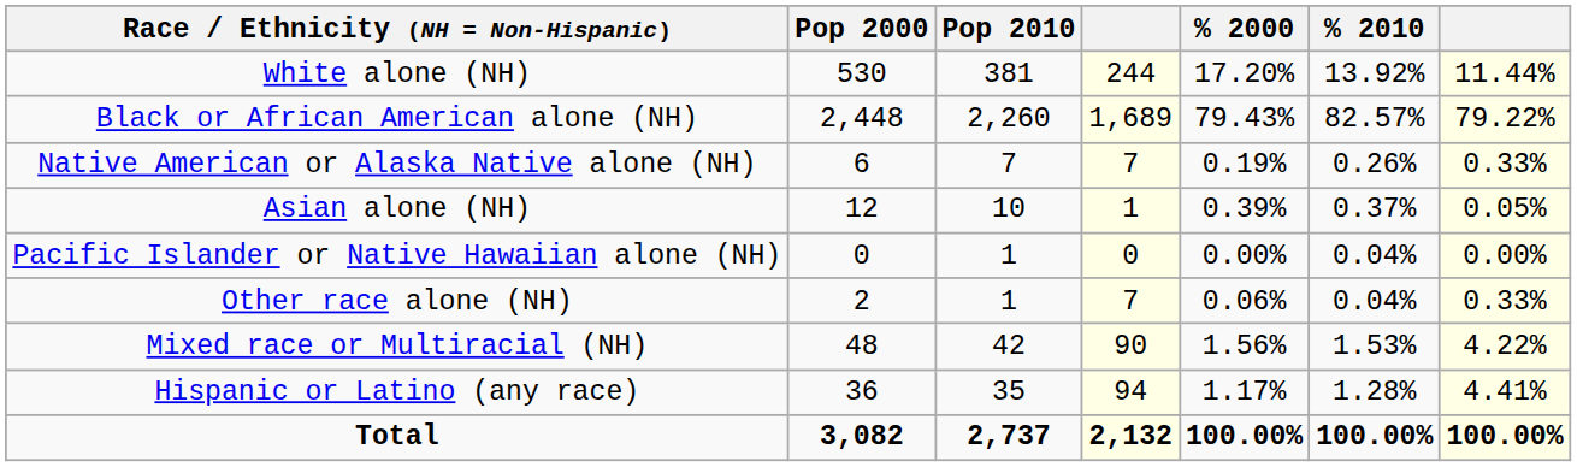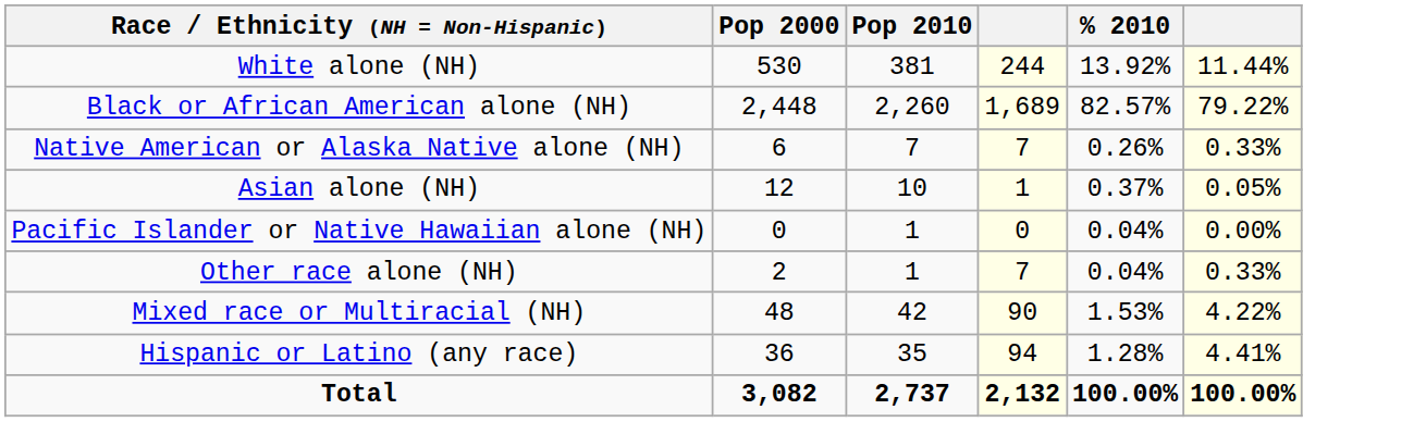 <table class="wikitable" style="text-align:center;">
 <tr>
 <th>Race / Ethnicity <small>(<em>NH = Non-Hispanic</em>)</small></th>
 <th>Pop 2000</th>
 <th>Pop 2010</th>
 <th></th>
-<th>% 2000</th>
 <th>% 2010</th>
 <th></th>
 </tr>
 <tr>
 <td><a href='#'>White</a> alone (NH)</td>
 <td>530</td>
 <td>381</td>
 <td style='background: #ffffe6;'>244</td>
-<td>17.20%</td>
 <td>13.92%</td>
 <td style='background: #ffffe6;'>11.44%</td>
 </tr>
 <tr>
 <td><a href='#'>Black or African American</a> alone (NH)</td>
 <td>2,448</td>
 <td>2,260</td>
 <td style='background: #ffffe6;'>1,689</td>
-<td>79.43%</td>
 <td>82.57%</td>
 <td style='background: #ffffe6;'>79.22%</td>
 </tr>
 <tr>
 <td><a href='#'>Native American</a> or <a href='#'>Alaska Native</a> alone (NH)</td>
 <td>6</td>
 <td>7</td>
 <td style='background: #ffffe6;'>7</td>
-<td>0.19%</td>
 <td>0.26%</td>
 <td style='background: #ffffe6;'>0.33%</td>
 </tr>
 <tr>
 <td><a href='#'>Asian</a> alone (NH)</td>
 <td>12</td>
 <td>10</td>
 <td style='background: #ffffe6;'>1</td>
-<td>0.39%</td>
 <td>0.37%</td>
 <td style='background: #ffffe6;'>0.05%</td>
 </tr>
 <tr>
 <td><a href='#'>Pacific Islander</a> or <a href='#'>Native Hawaiian</a> alone (NH)</td>
 <td>0</td>
 <td>1</td>
 <td style='background: #ffffe6;'>0</td>
-<td>0.00%</td>
 <td>0.04%</td>
 <td style='background: #ffffe6;'>0.00%</td>
 </tr>
 <tr>
 <td><a href='#'>Other race</a> alone (NH)</td>
 <td>2</td>
 <td>1</td>
 <td style='background: #ffffe6;'>7</td>
-<td>0.06%</td>
 <td>0.04%</td>
 <td style='background: #ffffe6;'>0.33%</td>
 </tr>
 <tr>
 <td><a href='#'>Mixed race or Multiracial</a> (NH)</td>
 <td>48</td>
 <td>42</td>
 <td style='background: #ffffe6;'>90</td>
-<td>1.56%</td>
 <td>1.53%</td>
 <td style='background: #ffffe6;'>4.22%</td>
 </tr>
 <tr>
 <td><a href='#'>Hispanic or Latino</a> (any race)</td>
 <td>36</td>
 <td>35</td>
 <td style='background: #ffffe6;'>94</td>
-<td>1.17%</td>
 <td>1.28%</td>
 <td style='background: #ffffe6;'>4.41%</td>
 </tr>
 <tr>
 <td><strong>Total</strong></td>
 <td><strong>3,082</strong></td>
 <td><strong>2,737</strong></td>
 <td style='background: #ffffe6;'><strong>2,132</strong></td>
 <td><strong>100.00%</strong></td>
-<td><strong>100.00%</strong></td>
 <td style='background: #ffffe6;'><strong>100.00%</strong></td>
 </tr>
 </table>
